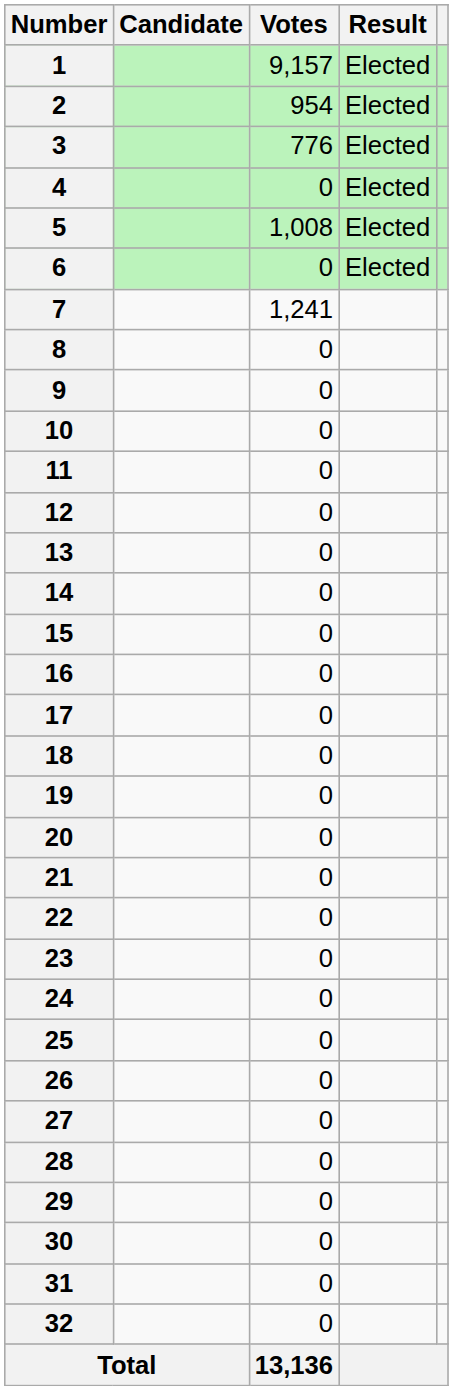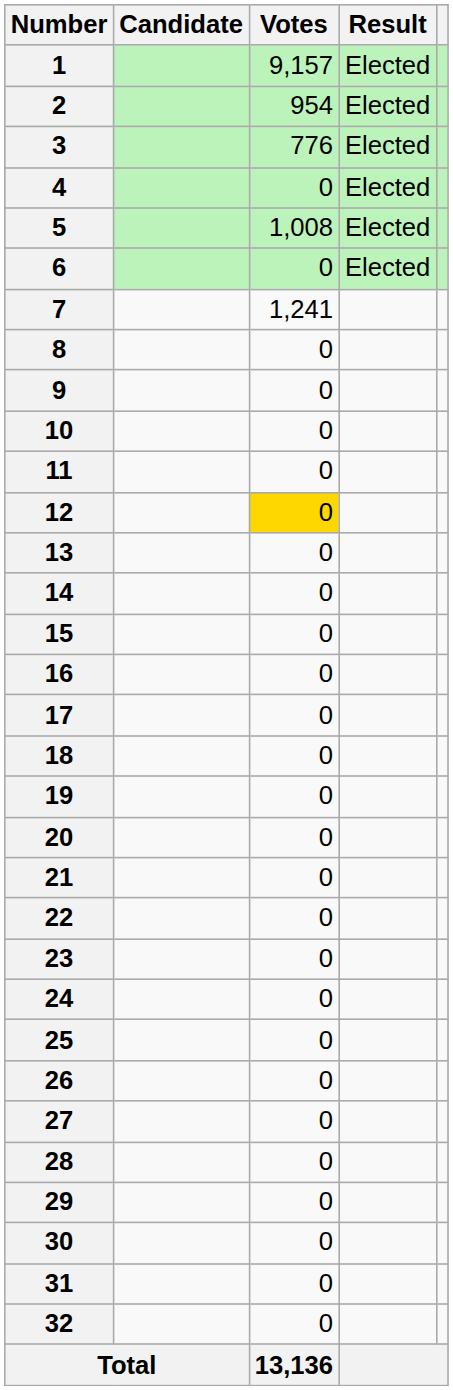 <table class="wikitable sortable">
 <tr>
 <th scope="col">Number</th>
 <th scope="col">Candidate</th>
 <th scope="col">Votes</th>
 <th scope="col">Result</th>
 <th scope="col" class="unsortable"></th>
 </tr>
 <tr bgcolor=bbf3bb>
 <th scope="row">1</th>
 <td></td>
 <td align="right">9,157</td>
 <td>Elected</td>
 <td></td>
 </tr>
 <tr bgcolor=bbf3bb>
 <th scope="row">2</th>
 <td></td>
 <td align="right">954</td>
 <td>Elected</td>
 <td></td>
 </tr>
 <tr bgcolor=bbf3bb>
 <th scope="row">3</th>
 <td></td>
 <td align="right">776</td>
 <td>Elected</td>
 <td></td>
 </tr>
 <tr bgcolor=bbf3bb>
 <th scope="row">4</th>
 <td></td>
 <td align="right">0</td>
 <td>Elected</td>
 <td></td>
 </tr>
 <tr bgcolor=bbf3bb>
 <th scope="row">5</th>
 <td></td>
 <td align="right">1,008</td>
 <td>Elected</td>
 <td></td>
 </tr>
 <tr bgcolor=bbf3bb>
 <th scope="row">6</th>
 <td></td>
 <td align="right">0</td>
 <td>Elected</td>
 <td></td>
 </tr>
 <tr>
 <th scope="row">7</th>
 <td></td>
 <td align="right">1,241</td>
 <td></td>
 <td></td>
 </tr>
 <tr>
 <th scope="row">8</th>
 <td></td>
 <td align="right">0</td>
 <td></td>
 <td></td>
 </tr>
 <tr>
 <th scope="row">9</th>
 <td></td>
 <td align="right">0</td>
 <td></td>
 <td></td>
 </tr>
 <tr>
 <th scope="row">10</th>
 <td></td>
 <td align="right">0</td>
 <td></td>
 <td></td>
 </tr>
 <tr>
 <th scope="row">11</th>
 <td></td>
 <td align="right">0</td>
 <td></td>
 <td></td>
 </tr>
 <tr>
 <th scope="row">12</th>
 <td></td>
-<td align="right">0</td>
+<td align="right" style="background: gold;">0</td>
 <td></td>
 <td></td>
 </tr>
 <tr>
 <th scope="row">13</th>
 <td></td>
 <td align="right">0</td>
 <td></td>
 <td></td>
 </tr>
 <tr>
 <th scope="row">14</th>
 <td></td>
 <td align="right">0</td>
 <td></td>
 <td></td>
 </tr>
 <tr>
 <th scope="row">15</th>
 <td></td>
 <td align="right">0</td>
 <td></td>
 <td></td>
 </tr>
 <tr>
 <th scope="row">16</th>
 <td></td>
 <td align="right">0</td>
 <td></td>
 <td></td>
 </tr>
 <tr>
 <th scope="row">17</th>
 <td></td>
 <td align="right">0</td>
 <td></td>
 <td></td>
 </tr>
 <tr>
 <th scope="row">18</th>
 <td></td>
 <td align="right">0</td>
 <td></td>
 <td></td>
 </tr>
 <tr>
 <th scope="row">19</th>
 <td></td>
 <td align="right">0</td>
 <td></td>
 <td></td>
 </tr>
 <tr>
 <th scope="row">20</th>
 <td></td>
 <td align="right">0</td>
 <td></td>
 <td></td>
 </tr>
 <tr>
 <th scope="row">21</th>
 <td></td>
 <td align="right">0</td>
 <td></td>
 <td></td>
 </tr>
 <tr>
 <th scope="row">22</th>
 <td></td>
 <td align="right">0</td>
 <td></td>
 <td></td>
 </tr>
 <tr>
 <th scope="row">23</th>
 <td></td>
 <td align="right">0</td>
 <td></td>
 <td></td>
 </tr>
 <tr>
 <th scope="row">24</th>
 <td></td>
 <td align="right">0</td>
 <td></td>
 <td></td>
 </tr>
 <tr>
 <th scope="row">25</th>
 <td></td>
 <td align="right">0</td>
 <td></td>
 <td></td>
 </tr>
 <tr>
 <th scope="row">26</th>
 <td></td>
 <td align="right">0</td>
 <td></td>
 <td></td>
 </tr>
 <tr>
 <th scope="row">27</th>
 <td></td>
 <td align="right">0</td>
 <td></td>
 <td></td>
 </tr>
 <tr>
 <th scope="row">28</th>
 <td></td>
 <td align="right">0</td>
 <td></td>
 <td></td>
 </tr>
 <tr>
 <th scope="row">29</th>
 <td></td>
 <td align="right">0</td>
 <td></td>
 <td></td>
 </tr>
 <tr>
 <th scope="row">30</th>
 <td></td>
 <td align="right">0</td>
 <td></td>
 <td></td>
 </tr>
 <tr>
 <th scope="row">31</th>
 <td></td>
 <td align="right">0</td>
 <td></td>
 <td></td>
 </tr>
 <tr>
 <th scope="row">32</th>
 <td></td>
 <td align="right">0</td>
 <td></td>
 <td></td>
 </tr>
 <tr class=sortbottom>
 <th scope="row" colspan="2">Total</th>
 <th style="text-align:right">13,136</th>
 <th colspan="2"></th>
 </tr>
 </table>
